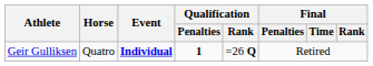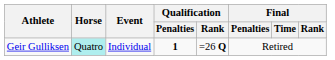 <table class="wikitable" style="font-size:90%">
 <tr>
 <th rowspan="2">Athlete</th>
 <th rowspan="2">Horse</th>
 <th rowspan="2">Event</th>
 <th colspan="2">Qualification</th>
 <th colspan="3">Final</th>
 </tr>
 <tr style="font-size:95%">
 <th>Penalties</th>
 <th>Rank</th>
 <th>Penalties</th>
 <th>Time</th>
 <th>Rank</th>
 </tr>
 <tr align=center>
 <td align=left><a href='#'>Geir Gulliksen</a></td>
-<td align=left>Quatro</td>
-<td align=left><strong><a href='#'>Individual</a></strong></td>
+<td align=left style="background: paleturquoise;">Quatro</td>
+<td align=left><a href='#'>Individual</a></td>
 <td><strong>1</strong></td>
 <td>=26 <strong>Q</strong></td>
 <td colspan="3">Retired</td>
 </tr>
 </table>
